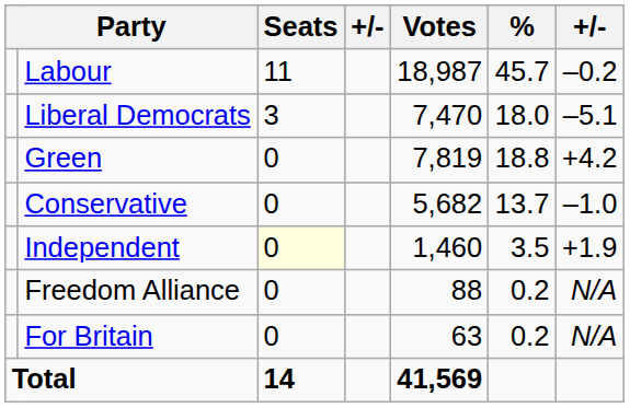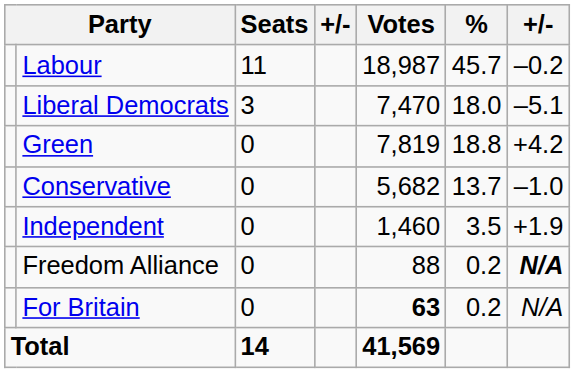 <table class="wikitable sortable">
 <tr>
 <th colspan="2">Party</th>
 <th>Seats</th>
 <th>+/-</th>
 <th>Votes</th>
 <th>%</th>
 <th>+/-</th>
 </tr>
 <tr>
 <td style="background-color: "></td>
 <td><a href='#'>Labour</a></td>
 <td>11</td>
 <td></td>
 <td style="text-align:right;">18,987</td>
 <td style="text-align:right;">45.7</td>
 <td style="text-align:right;">–0.2</td>
 </tr>
 <tr>
 <td style="background-color: "></td>
 <td><a href='#'>Liberal Democrats</a></td>
 <td>3</td>
 <td></td>
 <td style="text-align:right;">7,470</td>
 <td style="text-align:right;">18.0</td>
 <td style="text-align:right;">–5.1</td>
 </tr>
 <tr>
 <td style="background-color: "></td>
 <td><a href='#'>Green</a></td>
 <td>0</td>
 <td></td>
 <td style="text-align:right;">7,819</td>
 <td style="text-align:right;">18.8</td>
 <td style="text-align:right;">+4.2</td>
 </tr>
 <tr>
 <td style="background-color: "></td>
 <td><a href='#'>Conservative</a></td>
 <td>0</td>
 <td></td>
 <td style="text-align:right;">5,682</td>
 <td style="text-align:right;">13.7</td>
 <td style="text-align:right;">–1.0</td>
 </tr>
 <tr>
 <td style="background-color: "></td>
 <td><a href='#'>Independent</a></td>
-<td style="background: lightyellow;">0</td>
+<td>0</td>
 <td></td>
 <td style="text-align:right;">1,460</td>
 <td style="text-align:right;">3.5</td>
 <td style="text-align:right;">+1.9</td>
 </tr>
 <tr>
 <td style="background-color: "></td>
 <td>Freedom Alliance</td>
 <td>0</td>
 <td></td>
 <td style="text-align:right;">88</td>
 <td style="text-align:right;">0.2</td>
-<td style="text-align:right;"><em>N/A</em></td>
+<td style="text-align:right;"><strong><em>N/A</em></strong></td>
 </tr>
 <tr>
 <td style="background-color: "></td>
 <td><a href='#'>For Britain</a></td>
 <td>0</td>
 <td></td>
-<td style="text-align:right;">63</td>
+<td style="text-align:right;"><strong>63</strong></td>
 <td style="text-align:right;">0.2</td>
 <td style="text-align:right;"><em>N/A</em></td>
 </tr>
 <tr>
 <td colspan="2"><strong>Total</strong></td>
 <td><strong>14</strong></td>
 <td></td>
 <td style="text-align:right;"><strong>41,569</strong></td>
 <td style="text-align:right;"></td>
 <td style="text-align:right;"></td>
 </tr>
 </table>
